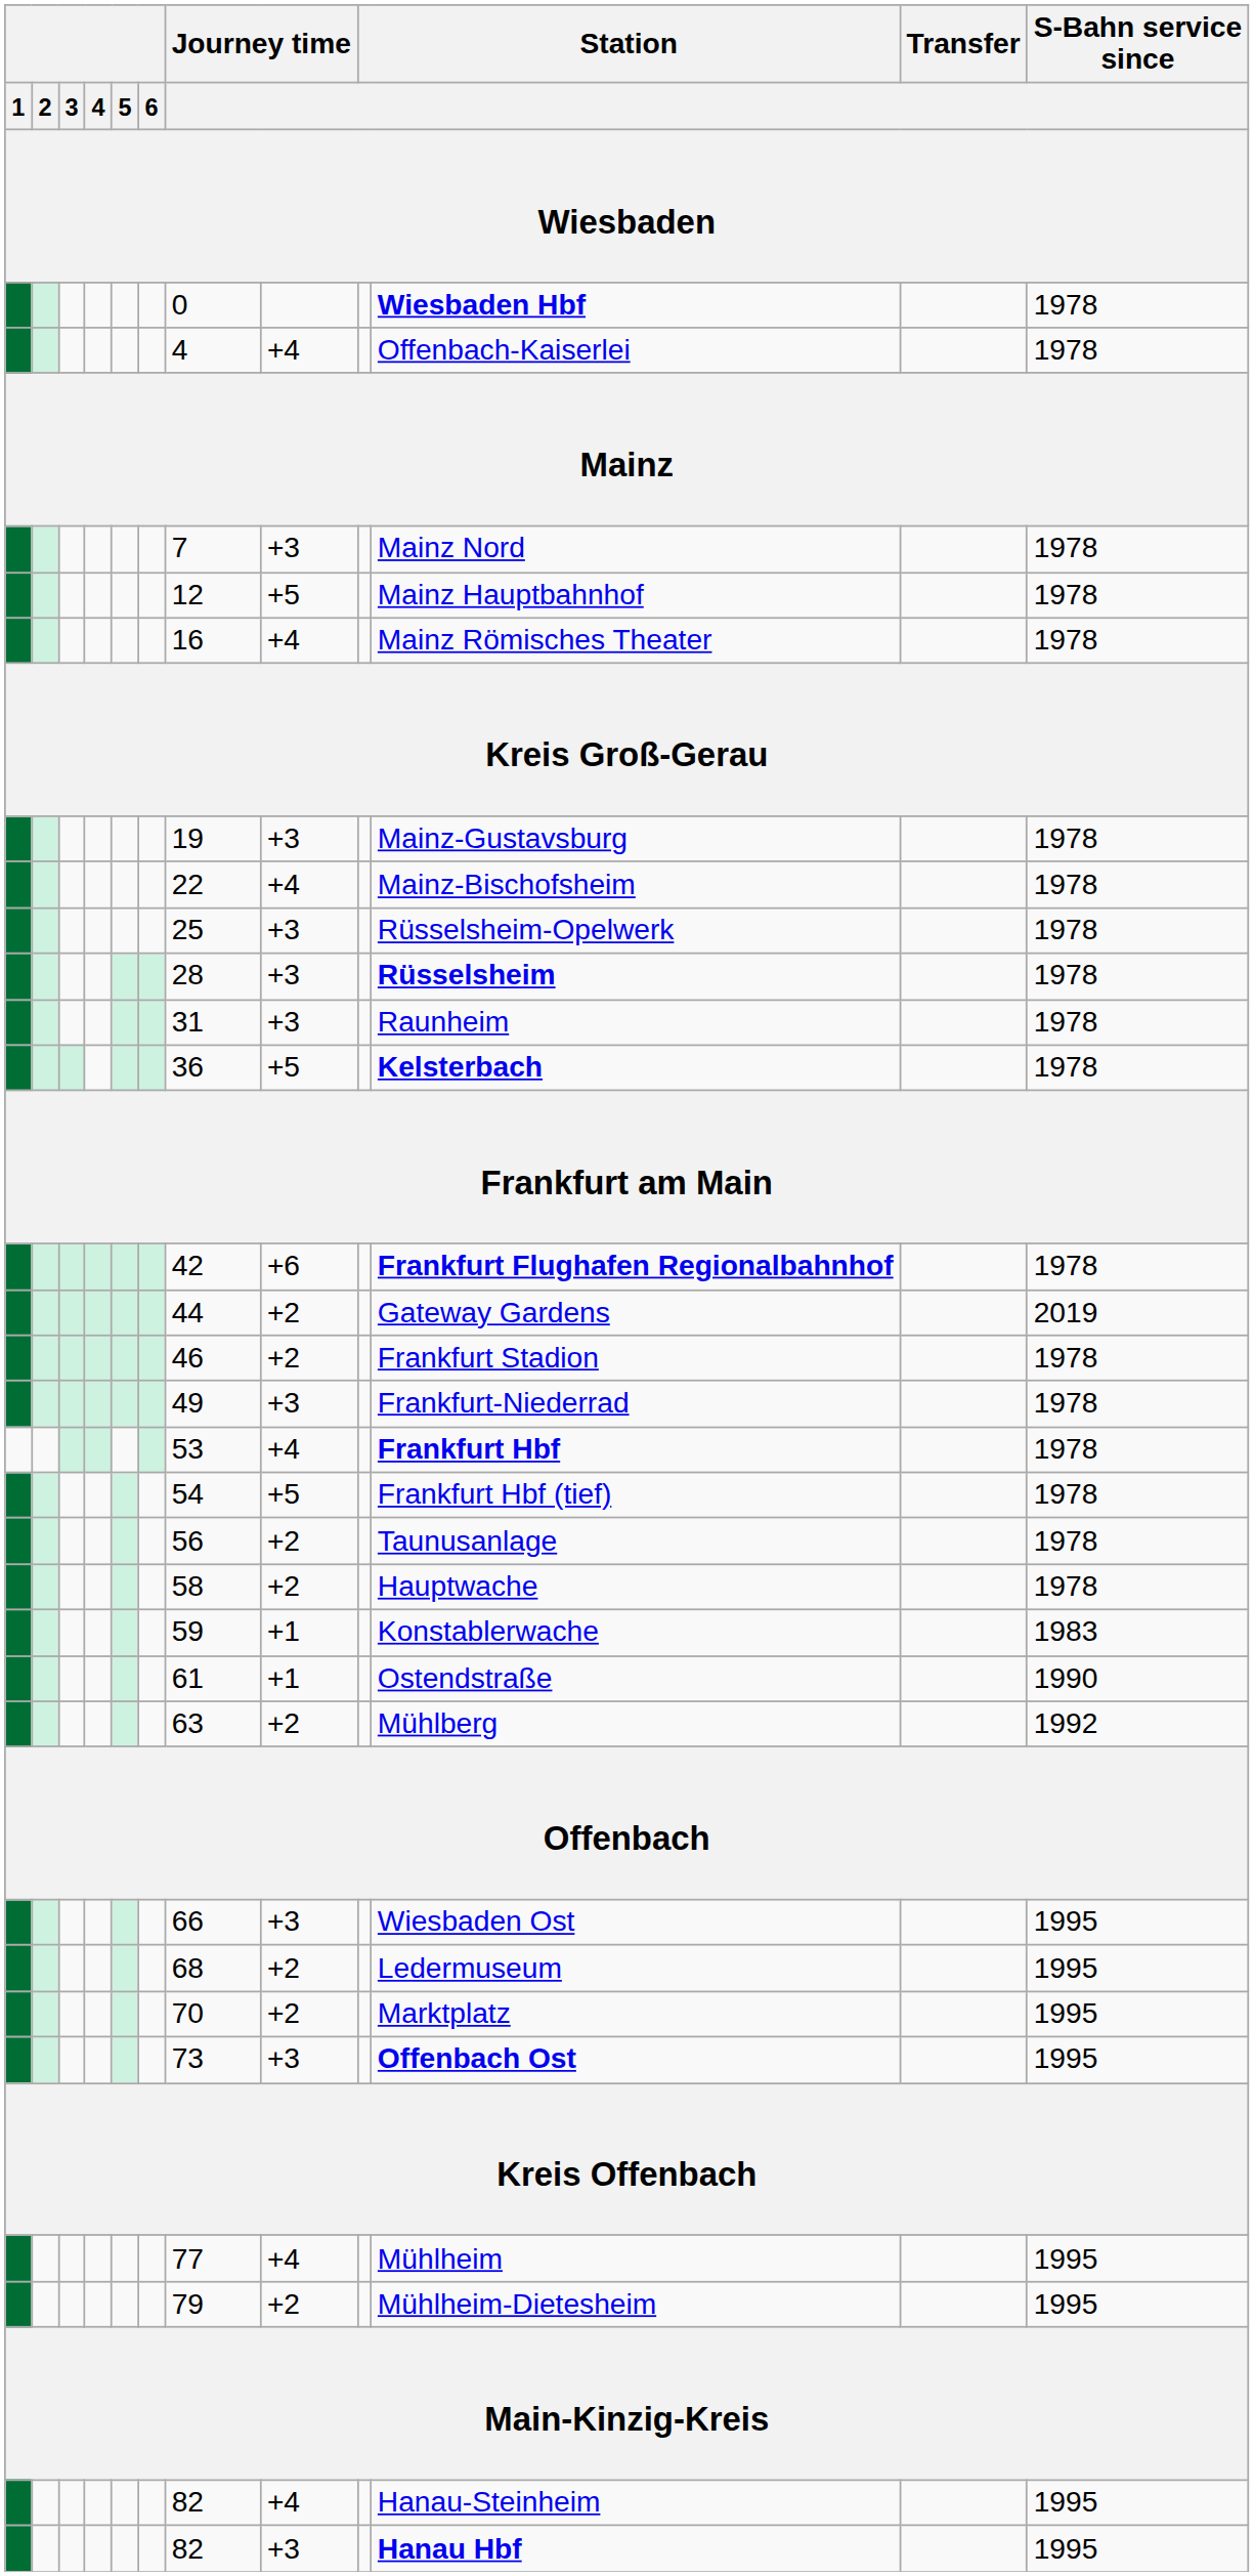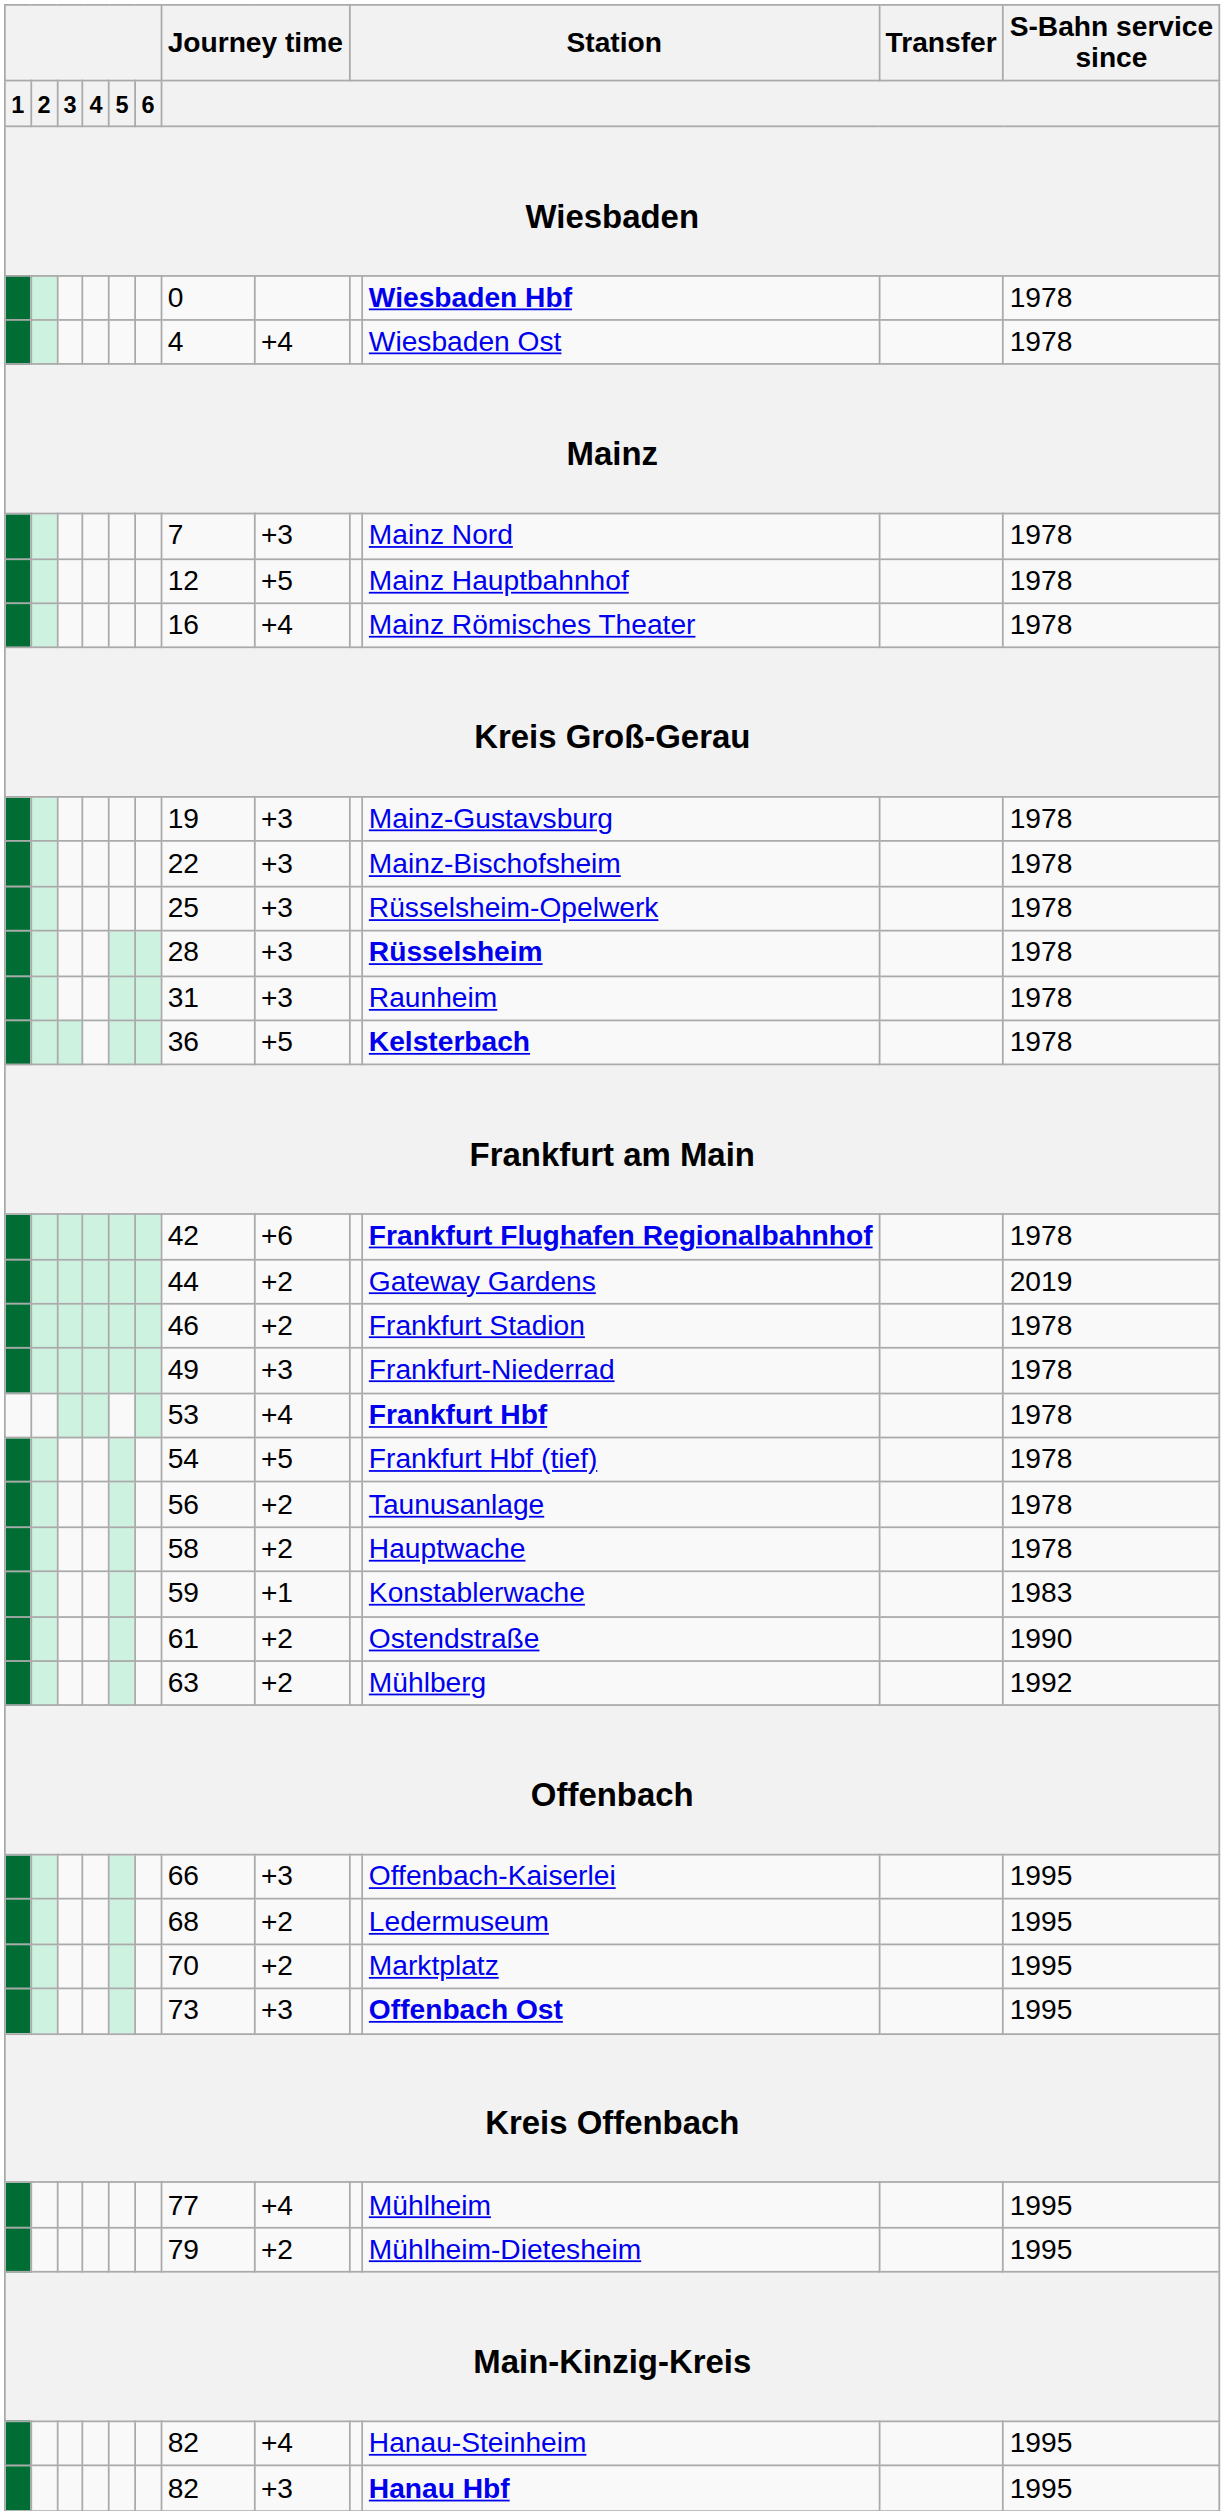 <table class="wikitable" summary="Stations of the S8 service">
 <tr>
 <th colspan="6" align="center" scope="col"></th>
 <th colspan="2">Journey time</th>
 <th colspan="2" scope="col">Station</th>
 <th scope="col">Transfer</th>
 <th scope="col">S-Bahn service<br>since</th>
 </tr>
 <tr>
 <th><small>1</small></th>
 <th><small>2</small></th>
 <th><small>3</small></th>
 <th><small>4</small></th>
 <th><small>5</small></th>
 <th><small>6</small></th>
 <th colspan="6"></th>
 </tr>
 <tr>
 <th colspan="13" align="center" class="hintergrundfarbe5"><br><h3>Wiesbaden</h3></th>
 </tr>
 <tr>
 <td style="background-color:#006e34"></td>
 <td style="background-color:#cef2e0"></td>
 <td></td>
 <td></td>
 <td></td>
 <td></td>
 <td>0</td>
 <td></td>
 <td></td>
 <td><strong><a href='#'>Wiesbaden Hbf</a></strong></td>
 <td> </td>
 <td>1978</td>
 </tr>
 <tr>
 <td style="background-color:#006e34"></td>
 <td style="background-color:#cef2e0"></td>
 <td></td>
 <td></td>
 <td></td>
 <td></td>
 <td>4</td>
 <td>+4</td>
 <td></td>
-<td><a href='#'>Offenbach-Kaiserlei</a></td>
+<td><a href='#'>Wiesbaden Ost</a></td>
 <td> </td>
 <td>1978</td>
 </tr>
 <tr>
 <th colspan="13" align="center" class="hintergrundfarbe5"><br><h3>Mainz</h3></th>
 </tr>
 <tr>
 <td style="background-color:#006e34"></td>
 <td style="background-color:#cef2e0"></td>
 <td></td>
 <td></td>
 <td></td>
 <td></td>
 <td>7</td>
 <td>+3</td>
 <td></td>
 <td><a href='#'>Mainz Nord</a></td>
 <td></td>
 <td>1978</td>
 </tr>
 <tr>
 <td style="background-color:#006e34"></td>
 <td style="background-color:#cef2e0"></td>
 <td></td>
 <td></td>
 <td></td>
 <td></td>
 <td>12</td>
 <td>+5</td>
 <td></td>
 <td><a href='#'>Mainz Hauptbahnhof</a></td>
 <td></td>
 <td>1978</td>
 </tr>
 <tr>
 <td style="background-color:#006e34"></td>
 <td style="background-color:#cef2e0"></td>
 <td></td>
 <td></td>
 <td></td>
 <td></td>
 <td>16</td>
 <td>+4</td>
 <td></td>
 <td><a href='#'>Mainz Römisches Theater</a></td>
 <td></td>
 <td>1978</td>
 </tr>
 <tr>
 <th colspan="13" align="center" class="hintergrundfarbe5"><br><h3>Kreis Groß-Gerau</h3></th>
 </tr>
 <tr>
 <td style="background-color:#006e34"></td>
 <td style="background-color:#cef2e0"></td>
 <td></td>
 <td></td>
 <td></td>
 <td></td>
 <td>19</td>
 <td>+3</td>
 <td></td>
 <td><a href='#'>Mainz-Gustavsburg</a></td>
 <td></td>
 <td>1978</td>
 </tr>
 <tr>
 <td style="background-color:#006e34"></td>
 <td style="background-color:#cef2e0"></td>
 <td></td>
 <td></td>
 <td></td>
 <td></td>
 <td>22</td>
-<td>+4</td>
+<td>+3</td>
 <td></td>
 <td><a href='#'>Mainz-Bischofsheim</a></td>
 <td></td>
 <td>1978</td>
 </tr>
 <tr>
 <td style="background-color:#006e34"></td>
 <td style="background-color:#cef2e0"></td>
 <td></td>
 <td></td>
 <td></td>
 <td></td>
 <td>25</td>
 <td>+3</td>
 <td></td>
 <td><a href='#'>Rüsselsheim-Opelwerk</a></td>
 <td></td>
 <td>1978</td>
 </tr>
 <tr>
 <td style="background-color:#006e34"></td>
 <td style="background-color:#cef2e0"></td>
 <td></td>
 <td></td>
 <td style="background-color:#cef2e0"></td>
 <td style="background-color:#cef2e0"></td>
 <td>28</td>
 <td>+3</td>
 <td></td>
 <td><strong><a href='#'>Rüsselsheim</a></strong></td>
 <td></td>
 <td>1978</td>
 </tr>
 <tr>
 <td style="background-color:#006e34"></td>
 <td style="background-color:#cef2e0"></td>
 <td></td>
 <td></td>
 <td style="background-color:#cef2e0"></td>
 <td style="background-color:#cef2e0"></td>
 <td>31</td>
 <td>+3</td>
 <td></td>
 <td><a href='#'>Raunheim</a></td>
 <td></td>
 <td>1978</td>
 </tr>
 <tr>
 <td style="background-color:#006e34"></td>
 <td style="background-color:#cef2e0"></td>
 <td style="background-color:#cef2e0"></td>
 <td></td>
 <td style="background-color:#cef2e0"></td>
 <td style="background-color:#cef2e0"></td>
 <td>36</td>
 <td>+5</td>
 <td></td>
 <td><strong><a href='#'>Kelsterbach</a></strong></td>
 <td></td>
 <td>1978</td>
 </tr>
 <tr>
 <th colspan="13" align="center" class="hintergrundfarbe5"><br><h3>Frankfurt am Main</h3></th>
 </tr>
 <tr>
 <td style="background-color:#006e34"></td>
 <td style="background-color:#cef2e0"></td>
 <td style="background-color:#cef2e0"></td>
 <td style="background-color:#cef2e0"></td>
 <td style="background-color:#cef2e0"></td>
 <td style="background-color:#cef2e0"></td>
 <td>42</td>
 <td>+6</td>
 <td></td>
 <td><strong><a href='#'>Frankfurt Flughafen Regionalbahnhof</a></strong></td>
 <td></td>
 <td>1978</td>
 </tr>
 <tr>
 <td style="background-color:#006e34"></td>
 <td style="background-color:#cef2e0"></td>
 <td style="background-color:#cef2e0"></td>
 <td style="background-color:#cef2e0"></td>
 <td style="background-color:#cef2e0"></td>
 <td style="background-color:#cef2e0"></td>
 <td>44</td>
 <td>+2 </td>
 <td></td>
 <td><a href='#'>Gateway Gardens</a></td>
 <td></td>
 <td>2019</td>
 </tr>
 <tr>
 <td style="background-color:#006e34"></td>
 <td style="background-color:#cef2e0"></td>
 <td style="background-color:#cef2e0"></td>
 <td style="background-color:#cef2e0"></td>
 <td style="background-color:#cef2e0"></td>
 <td style="background-color:#cef2e0"></td>
 <td>46</td>
 <td>+2 </td>
 <td></td>
 <td><a href='#'>Frankfurt Stadion</a></td>
 <td> </td>
 <td>1978</td>
 </tr>
 <tr>
 <td style="background-color:#006e34"></td>
 <td style="background-color:#cef2e0"></td>
 <td style="background-color:#cef2e0"></td>
 <td style="background-color:#cef2e0"></td>
 <td style="background-color:#cef2e0"></td>
 <td style="background-color:#cef2e0"></td>
 <td>49</td>
 <td>+3</td>
 <td></td>
 <td><a href='#'>Frankfurt-Niederrad</a></td>
 <td> </td>
 <td>1978</td>
 </tr>
 <tr>
 <td></td>
 <td></td>
 <td style="background-color:#cef2e0"></td>
 <td style="background-color:#cef2e0"></td>
 <td></td>
 <td style="background-color:#cef2e0"></td>
 <td>53</td>
 <td>+4</td>
 <td></td>
 <td><strong><a href='#'>Frankfurt Hbf</a></strong></td>
 <td>         </td>
 <td>1978</td>
 </tr>
 <tr>
 <td style="background-color:#006e34"></td>
 <td style="background-color:#cef2e0"></td>
 <td></td>
 <td></td>
 <td style="background-color:#cef2e0"></td>
 <td></td>
 <td>54</td>
 <td>+5</td>
 <td></td>
 <td><a href='#'>Frankfurt Hbf (tief)</a></td>
 <td>         </td>
 <td>1978</td>
 </tr>
 <tr>
 <td style="background-color:#006e34"></td>
 <td style="background-color:#cef2e0"></td>
 <td></td>
 <td></td>
 <td style="background-color:#cef2e0"></td>
 <td></td>
 <td>56</td>
 <td>+2</td>
 <td></td>
 <td><a href='#'>Taunusanlage</a></td>
 <td>      </td>
 <td>1978</td>
 </tr>
 <tr>
 <td style="background-color:#006e34"></td>
 <td style="background-color:#cef2e0"></td>
 <td></td>
 <td></td>
 <td style="background-color:#cef2e0"></td>
 <td></td>
 <td>58</td>
 <td>+2</td>
 <td></td>
 <td><a href='#'>Hauptwache</a></td>
 <td>            </td>
 <td>1978</td>
 </tr>
 <tr>
 <td style="background-color:#006e34"></td>
 <td style="background-color:#cef2e0"></td>
 <td></td>
 <td></td>
 <td style="background-color:#cef2e0"></td>
 <td></td>
 <td>59</td>
 <td>+1</td>
 <td></td>
 <td><a href='#'>Konstablerwache</a></td>
 <td>          </td>
 <td>1983</td>
 </tr>
 <tr>
 <td style="background-color:#006e34"></td>
 <td style="background-color:#cef2e0"></td>
 <td></td>
 <td></td>
 <td style="background-color:#cef2e0"></td>
 <td></td>
 <td>61</td>
-<td>+1</td>
+<td>+2</td>
 <td></td>
 <td><a href='#'>Ostendstraße</a></td>
 <td>      </td>
 <td>1990</td>
 </tr>
 <tr>
 <td style="background-color:#006e34"></td>
 <td style="background-color:#cef2e0"></td>
 <td></td>
 <td></td>
 <td style="background-color:#cef2e0"></td>
 <td></td>
 <td>63</td>
 <td>+2</td>
 <td></td>
 <td><a href='#'>Mühlberg</a></td>
 <td>  </td>
 <td>1992</td>
 </tr>
 <tr>
 <th colspan="13" align="center" class="hintergrundfarbe5"><br><h3>Offenbach</h3></th>
 </tr>
 <tr>
 <td style="background-color:#006e34"></td>
 <td style="background-color:#cef2e0"></td>
 <td></td>
 <td></td>
 <td style="background-color:#cef2e0"></td>
 <td></td>
 <td>66</td>
 <td>+3</td>
 <td></td>
-<td><a href='#'>Wiesbaden Ost</a></td>
+<td><a href='#'>Offenbach-Kaiserlei</a></td>
 <td>  </td>
 <td>1995</td>
 </tr>
 <tr>
 <td style="background-color:#006e34"></td>
 <td style="background-color:#cef2e0"></td>
 <td></td>
 <td></td>
 <td style="background-color:#cef2e0"></td>
 <td></td>
 <td>68</td>
 <td>+2</td>
 <td></td>
 <td><a href='#'>Ledermuseum</a></td>
 <td>  </td>
 <td>1995</td>
 </tr>
 <tr>
 <td style="background-color:#006e34"></td>
 <td style="background-color:#cef2e0"></td>
 <td></td>
 <td></td>
 <td style="background-color:#cef2e0"></td>
 <td></td>
 <td>70</td>
 <td>+2</td>
 <td></td>
 <td><a href='#'>Marktplatz</a></td>
 <td>  </td>
 <td>1995</td>
 </tr>
 <tr>
 <td style="background-color:#006e34"></td>
 <td style="background-color:#cef2e0"></td>
 <td></td>
 <td></td>
 <td style="background-color:#cef2e0"></td>
 <td></td>
 <td>73</td>
 <td>+3</td>
 <td></td>
 <td><strong><a href='#'>Offenbach Ost</a></strong></td>
 <td>  </td>
 <td>1995</td>
 </tr>
 <tr>
 <th colspan="13" align="center" class="hintergrundfarbe5"><br><h3>Kreis Offenbach</h3></th>
 </tr>
 <tr>
 <td style="background-color:#006e34"></td>
 <td></td>
 <td></td>
 <td></td>
 <td></td>
 <td></td>
 <td>77</td>
 <td>+4</td>
 <td></td>
 <td><a href='#'>Mühlheim</a></td>
 <td></td>
 <td>1995</td>
 </tr>
 <tr>
 <td style="background-color:#006e34"></td>
 <td></td>
 <td></td>
 <td></td>
 <td></td>
 <td></td>
 <td>79</td>
 <td>+2</td>
 <td></td>
 <td><a href='#'>Mühlheim-Dietesheim</a></td>
 <td></td>
 <td>1995</td>
 </tr>
 <tr>
 <th colspan="13" align="center" class="hintergrundfarbe5"><br><h3>Main-Kinzig-Kreis</h3></th>
 </tr>
 <tr>
 <td style="background-color:#006e34"></td>
 <td></td>
 <td></td>
 <td></td>
 <td></td>
 <td></td>
 <td>82</td>
 <td>+4</td>
 <td></td>
 <td><a href='#'>Hanau-Steinheim</a></td>
 <td></td>
 <td>1995</td>
 </tr>
 <tr>
 <td style="background-color:#006e34"></td>
 <td></td>
 <td></td>
 <td></td>
 <td></td>
 <td></td>
 <td>82</td>
 <td>+3</td>
 <td></td>
 <td><strong><a href='#'>Hanau Hbf</a></strong></td>
 <td></td>
 <td>1995</td>
 </tr>
 </table>
